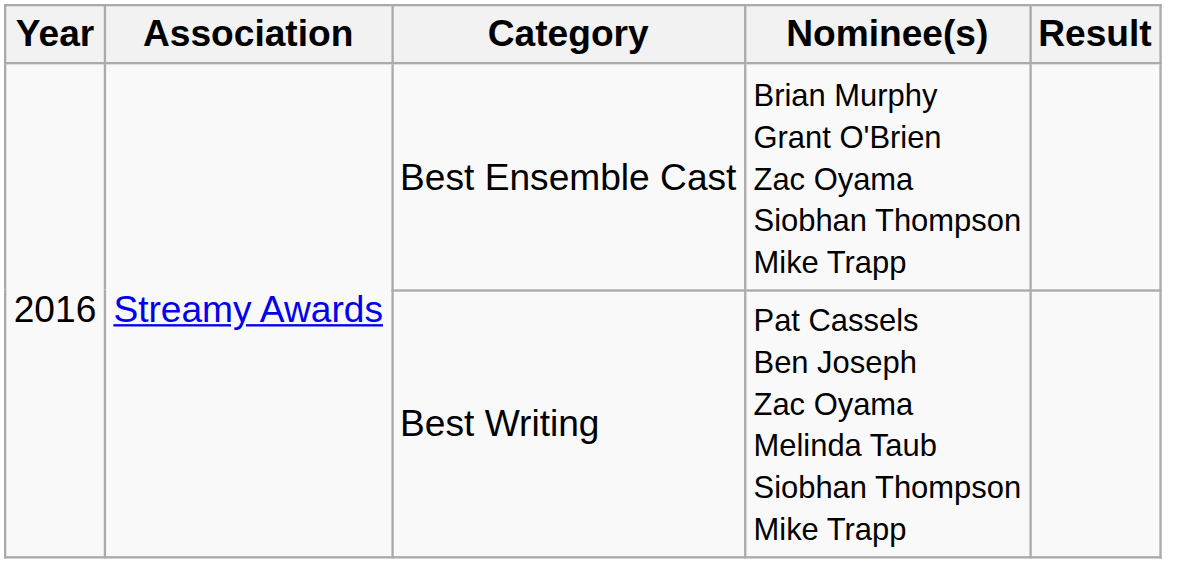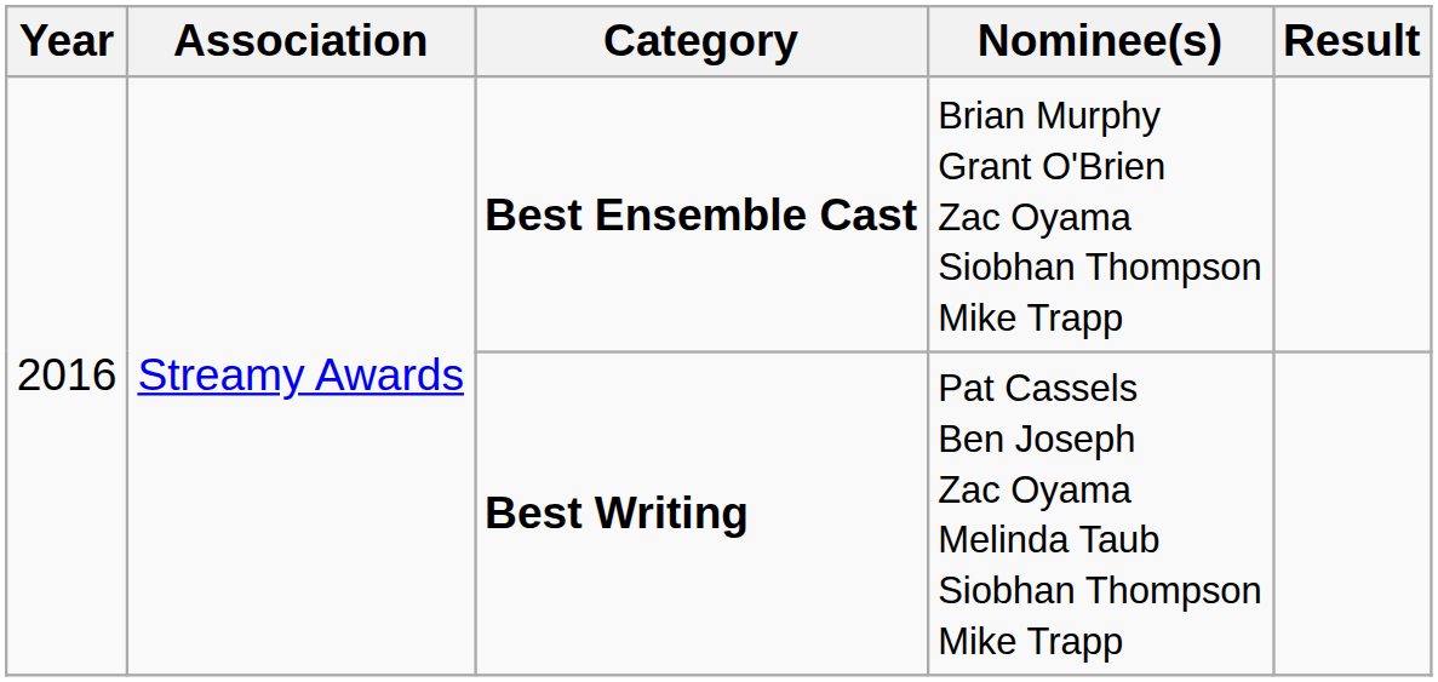 <table class="wikitable">
 <tr align=center>
 <th>Year</th>
 <th>Association</th>
 <th>Category</th>
 <th>Nominee(s)</th>
 <th>Result</th>
 </tr>
 <tr>
 <td rowspan="2">2016</td>
 <td rowspan="2"><a href='#'>Streamy Awards</a></td>
-<td>Best Ensemble Cast</td>
+<td><strong>Best Ensemble Cast</strong></td>
 <td><small>Brian Murphy<br>Grant O'Brien<br>Zac Oyama<br>Siobhan Thompson<br>Mike Trapp</small></td>
 <td></td>
 </tr>
 <tr>
-<td>Best Writing</td>
+<td><strong>Best Writing</strong></td>
 <td><small>Pat Cassels<br>Ben Joseph<br>Zac Oyama<br>Melinda Taub<br>Siobhan Thompson<br>Mike Trapp</small></td>
 <td></td>
 </tr>
 </table>
